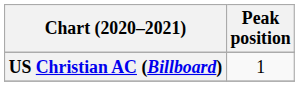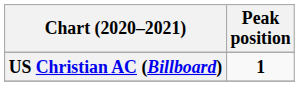 <table class="wikitable sortable plainrowheaders" style="text-align:center">
 <tr>
 <th scope="col">Chart (2020–2021)</th>
 <th scope="col">Peak<br>position</th>
 </tr>
 <tr>
 </tr>
 <tr>
 </tr>
 <tr>
 </tr>
 <tr>
 <th scope="row">US <a href='#'>Christian AC</a> (<em><a href='#'>Billboard</a></em>)</th>
-<td>1</td>
+<td><strong>1</strong></td>
 </tr>
 <tr>
 </tr>
 </table>
